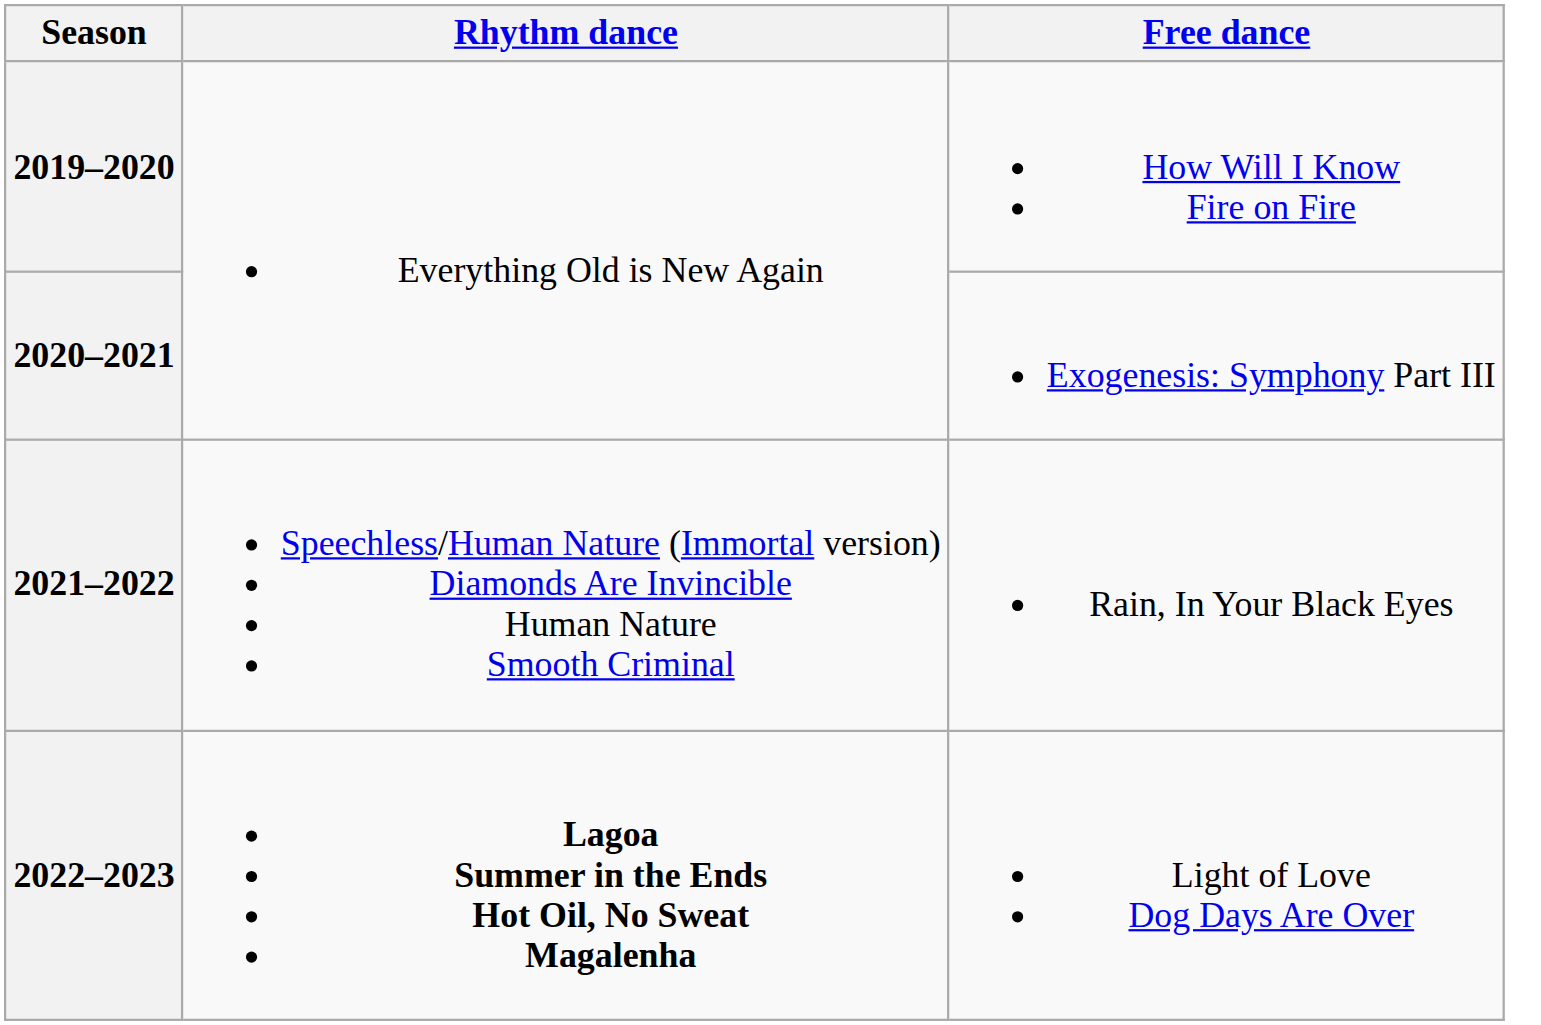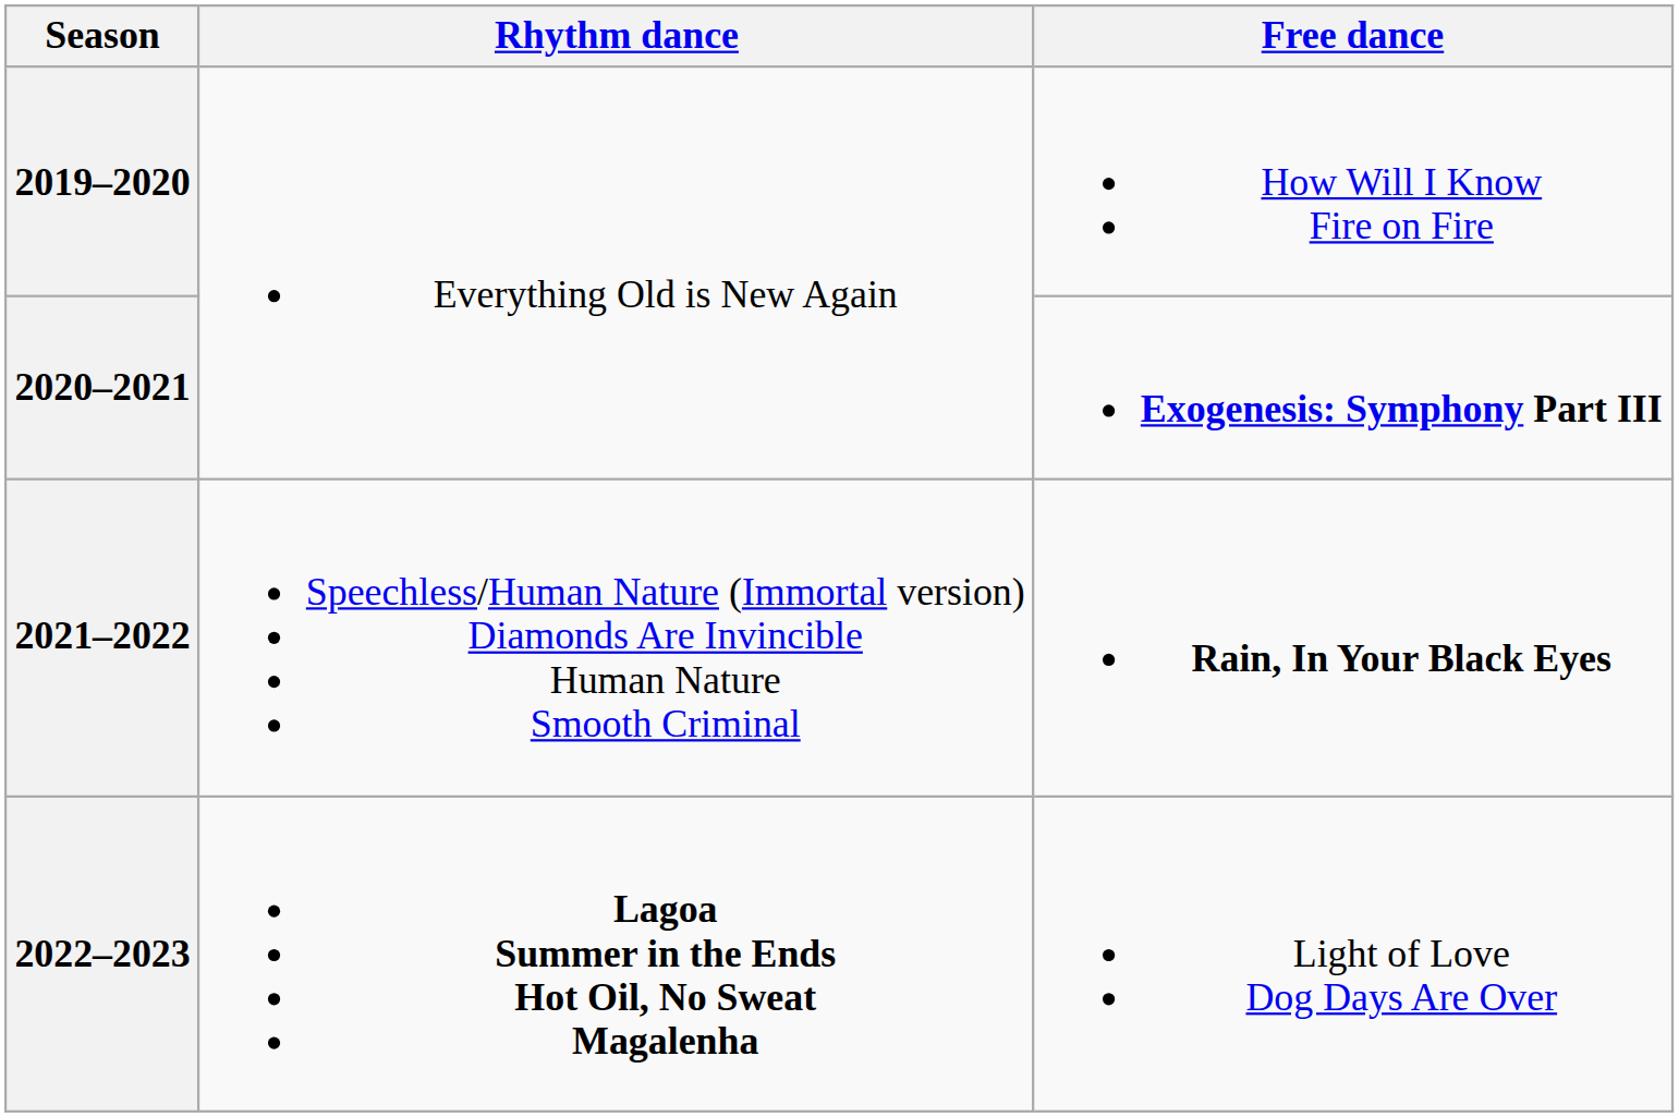 <table class=wikitable style=text-align:center>
 <tr>
 <th>Season</th>
 <th><a href='#'>Rhythm dance</a></th>
 <th><a href='#'>Free dance</a></th>
 </tr>
 <tr>
 <th>2019–2020 <br></th>
 <td rowspan=2><br><ul><li> Everything Old is New Again<br></li></ul></td>
 <td><br><ul><li><a href='#'>How Will I Know</a><br></li><li><a href='#'>Fire on Fire</a><br></li></ul></td>
 </tr>
 <tr>
 <th>2020–2021</th>
-<td><br><ul><li><a href='#'>Exogenesis: Symphony</a> Part III<br></li></ul></td>
+<td><strong><br><ul><li><a href='#'>Exogenesis: Symphony</a> Part III<br></li></ul></strong></td>
 </tr>
 <tr>
 <th>2021–2022 <br> </th>
 <td><br><ul><li> <a href='#'>Speechless</a>/<a href='#'>Human Nature</a> (<a href='#'>Immortal</a> version)</li><li><a href='#'>Diamonds Are Invincible</a></li><li> Human Nature</li><li> <a href='#'>Smooth Criminal</a> <br> </li></ul></td>
-<td><br><ul><li>Rain, In Your Black Eyes <br> </li></ul></td>
+<td><strong><br><ul><li>Rain, In Your Black Eyes <br> </li></ul></strong></td>
 </tr>
 <tr>
 <th>2022–2023 <br> </th>
 <td><strong><br><ul><li> Lagoa <br> </li><li> Summer in the Ends <br> </li><li> Hot Oil, No Sweat <br> </li><li> Magalenha <br> </li></ul></strong></td>
 <td><br><ul><li>Light of Love</li><li><a href='#'>Dog Days Are Over</a> <br> </li></ul></td>
 </tr>
 </table>
